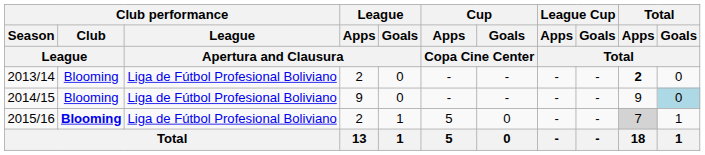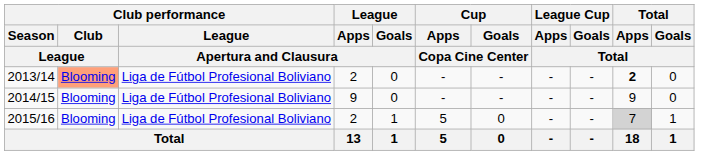 <table class="wikitable" style="text-align:center;">
 <tr>
 <th colspan=3>Club performance</th>
 <th colspan=2>League</th>
 <th colspan=2>Cup</th>
 <th colspan=2>League Cup</th>
 <th colspan=2>Total</th>
 </tr>
 <tr>
 <th>Season</th>
 <th>Club</th>
 <th>League</th>
 <th>Apps</th>
 <th>Goals</th>
 <th>Apps</th>
 <th>Goals</th>
 <th>Apps</th>
 <th>Goals</th>
 <th>Apps</th>
 <th>Goals</th>
 </tr>
 <tr>
 <th colspan=2>League</th>
 <th colspan=3>Apertura and Clausura</th>
 <th colspan=2>Copa Cine Center</th>
 <th colspan=6>Total</th>
 </tr>
 <tr>
 <td>2013/14</td>
-<td><a href='#'>Blooming</a></td>
+<td style="background: lightsalmon;"><a href='#'>Blooming</a></td>
 <td><a href='#'>Liga de Fútbol Profesional Boliviano</a></td>
 <td>2</td>
 <td>0</td>
 <td>-</td>
 <td>-</td>
 <td>-</td>
 <td>-</td>
 <td><strong>2</strong></td>
 <td>0</td>
 </tr>
 <tr>
 <td>2014/15</td>
 <td><a href='#'>Blooming</a></td>
 <td><a href='#'>Liga de Fútbol Profesional Boliviano</a></td>
 <td>9</td>
 <td>0</td>
 <td>-</td>
 <td>-</td>
 <td>-</td>
 <td>-</td>
 <td>9</td>
-<td style="background: lightblue;">0</td>
+<td>0</td>
 </tr>
 <tr>
 <td>2015/16</td>
-<td><strong><a href='#'>Blooming</a></strong></td>
+<td><a href='#'>Blooming</a></td>
 <td><a href='#'>Liga de Fútbol Profesional Boliviano</a></td>
 <td>2</td>
 <td>1</td>
 <td>5</td>
 <td>0</td>
 <td>-</td>
 <td>-</td>
 <td style="background: lightgrey;">7</td>
 <td>1</td>
 </tr>
 <tr>
 <th colspan=3>Total</th>
 <th>13</th>
 <th>1</th>
 <th>5</th>
 <th>0</th>
 <th>-</th>
 <th>-</th>
 <th>18</th>
 <th>1</th>
 </tr>
 </table>
